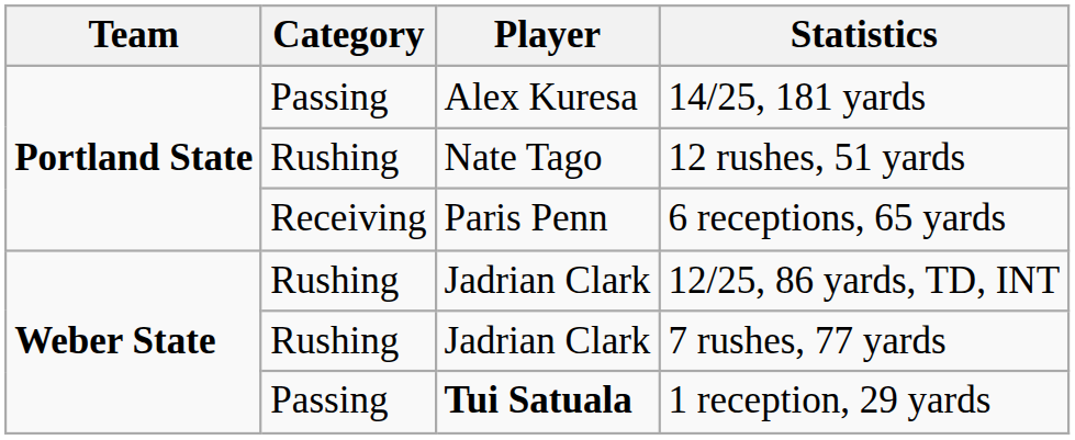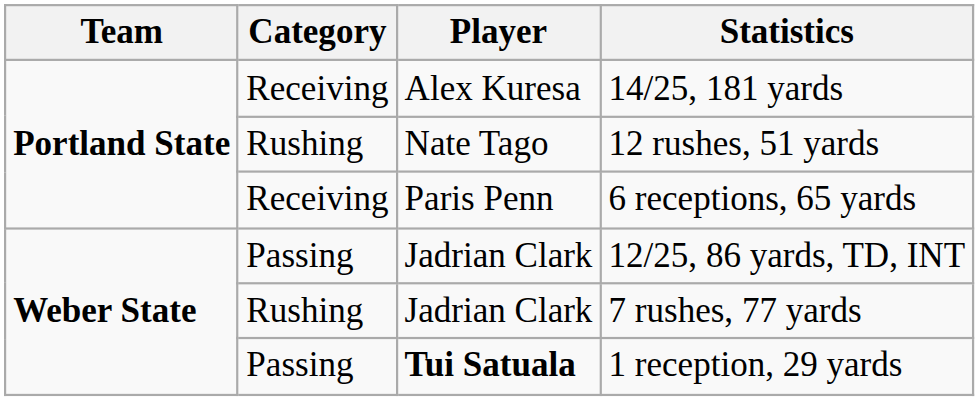 <table class="wikitable" style="float: left;">
 <tr>
 <th>Team</th>
 <th>Category</th>
 <th>Player</th>
 <th>Statistics</th>
 </tr>
 <tr>
 <td rowspan=3><strong>Portland State</strong></td>
-<td>Passing</td>
+<td>Receiving</td>
 <td>Alex Kuresa</td>
 <td>14/25, 181 yards</td>
 </tr>
 <tr>
 <td>Rushing</td>
 <td>Nate Tago</td>
 <td>12 rushes, 51 yards</td>
 </tr>
 <tr>
 <td>Receiving</td>
 <td>Paris Penn</td>
 <td>6 receptions, 65 yards</td>
 </tr>
 <tr>
 <td rowspan=3><strong>Weber State</strong></td>
-<td>Rushing</td>
+<td>Passing</td>
 <td>Jadrian Clark</td>
 <td>12/25, 86 yards, TD, INT</td>
 </tr>
 <tr>
 <td>Rushing</td>
 <td>Jadrian Clark</td>
 <td>7 rushes, 77 yards</td>
 </tr>
 <tr>
 <td>Passing</td>
 <td><strong>Tui Satuala</strong></td>
 <td>1 reception, 29 yards</td>
 </tr>
 </table>
